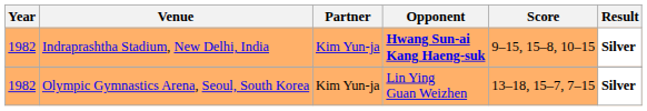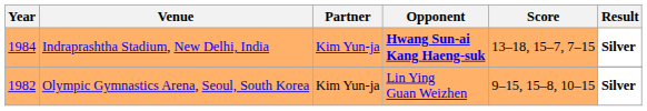 <table class="sortable wikitable" style="font-size: 90%;">
 <tr>
 <th>Year</th>
 <th>Venue</th>
 <th>Partner</th>
 <th>Opponent</th>
 <th>Score</th>
 <th>Result</th>
 </tr>
 <tr style="background:#FFB069">
-<td align="center"><a href='#'>1982</a></td>
+<td align="center"><a href='#'>1984</a></td>
 <td align="left"><a href='#'>Indraprashtha Stadium</a>, <a href='#'>New Delhi, India</a></td>
 <td align="left"> <a href='#'>Kim Yun-ja</a></td>
 <td align="left"><strong> <a href='#'>Hwang Sun-ai</a><br> <a href='#'>Kang Haeng-suk</a></strong></td>
-<td align="left">9–15, 15–8, 10–15</td>
+<td align="left">13–18, 15–7, 7–15</td>
 <td style="text-align:left; background: white"> <strong>Silver</strong></td>
 </tr>
 <tr>
 </tr>
 <tr style="background:#FFB069">
 <td align="center"><a href='#'>1982</a></td>
 <td align="left"><a href='#'>Olympic Gymnastics Arena</a>, <a href='#'>Seoul, South Korea</a></td>
 <td align="left"> Kim Yun-ja</td>
 <td align="left"> <a href='#'>Lin Ying</a><br> <a href='#'>Guan Weizhen</a></td>
-<td align="left">13–18, 15–7, 7–15</td>
+<td align="left">9–15, 15–8, 10–15</td>
 <td style="text-align:left; background: white"> <strong>Silver</strong></td>
 </tr>
 </table>
